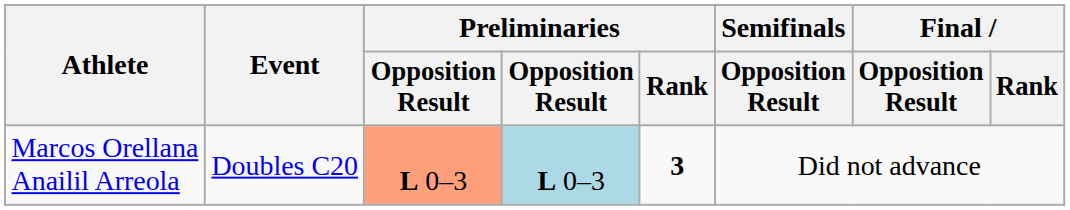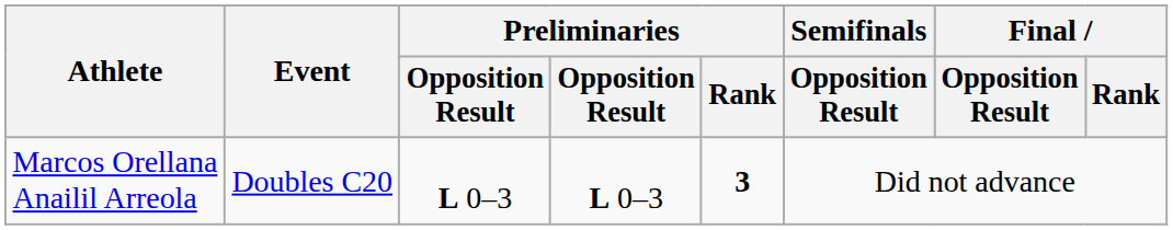 <table class=wikitable style="font-size:90%">
 <tr>
 <th rowspan="2">Athlete</th>
 <th rowspan="2">Event</th>
 <th colspan="3">Preliminaries</th>
 <th>Semifinals</th>
 <th colspan="2">Final / </th>
 </tr>
 <tr style="font-size:95%">
 <th>Opposition<br>Result</th>
 <th>Opposition<br>Result</th>
 <th>Rank</th>
 <th>Opposition<br>Result</th>
 <th>Opposition<br>Result</th>
 <th>Rank</th>
 </tr>
 <tr align=center>
 <td align=left><a href='#'>Marcos Orellana</a><br><a href='#'>Anailil Arreola</a></td>
 <td align=left rowspan=2><a href='#'>Doubles C20</a></td>
-<td style="background: lightsalmon;"><br><strong>L</strong> 0–3</td>
-<td style="background: lightblue;"><br><strong>L</strong> 0–3</td>
+<td><br><strong>L</strong> 0–3</td>
+<td><br><strong>L</strong> 0–3</td>
 <td><strong>3</strong></td>
 <td colspan=3>Did not advance</td>
 </tr>
 </table>
